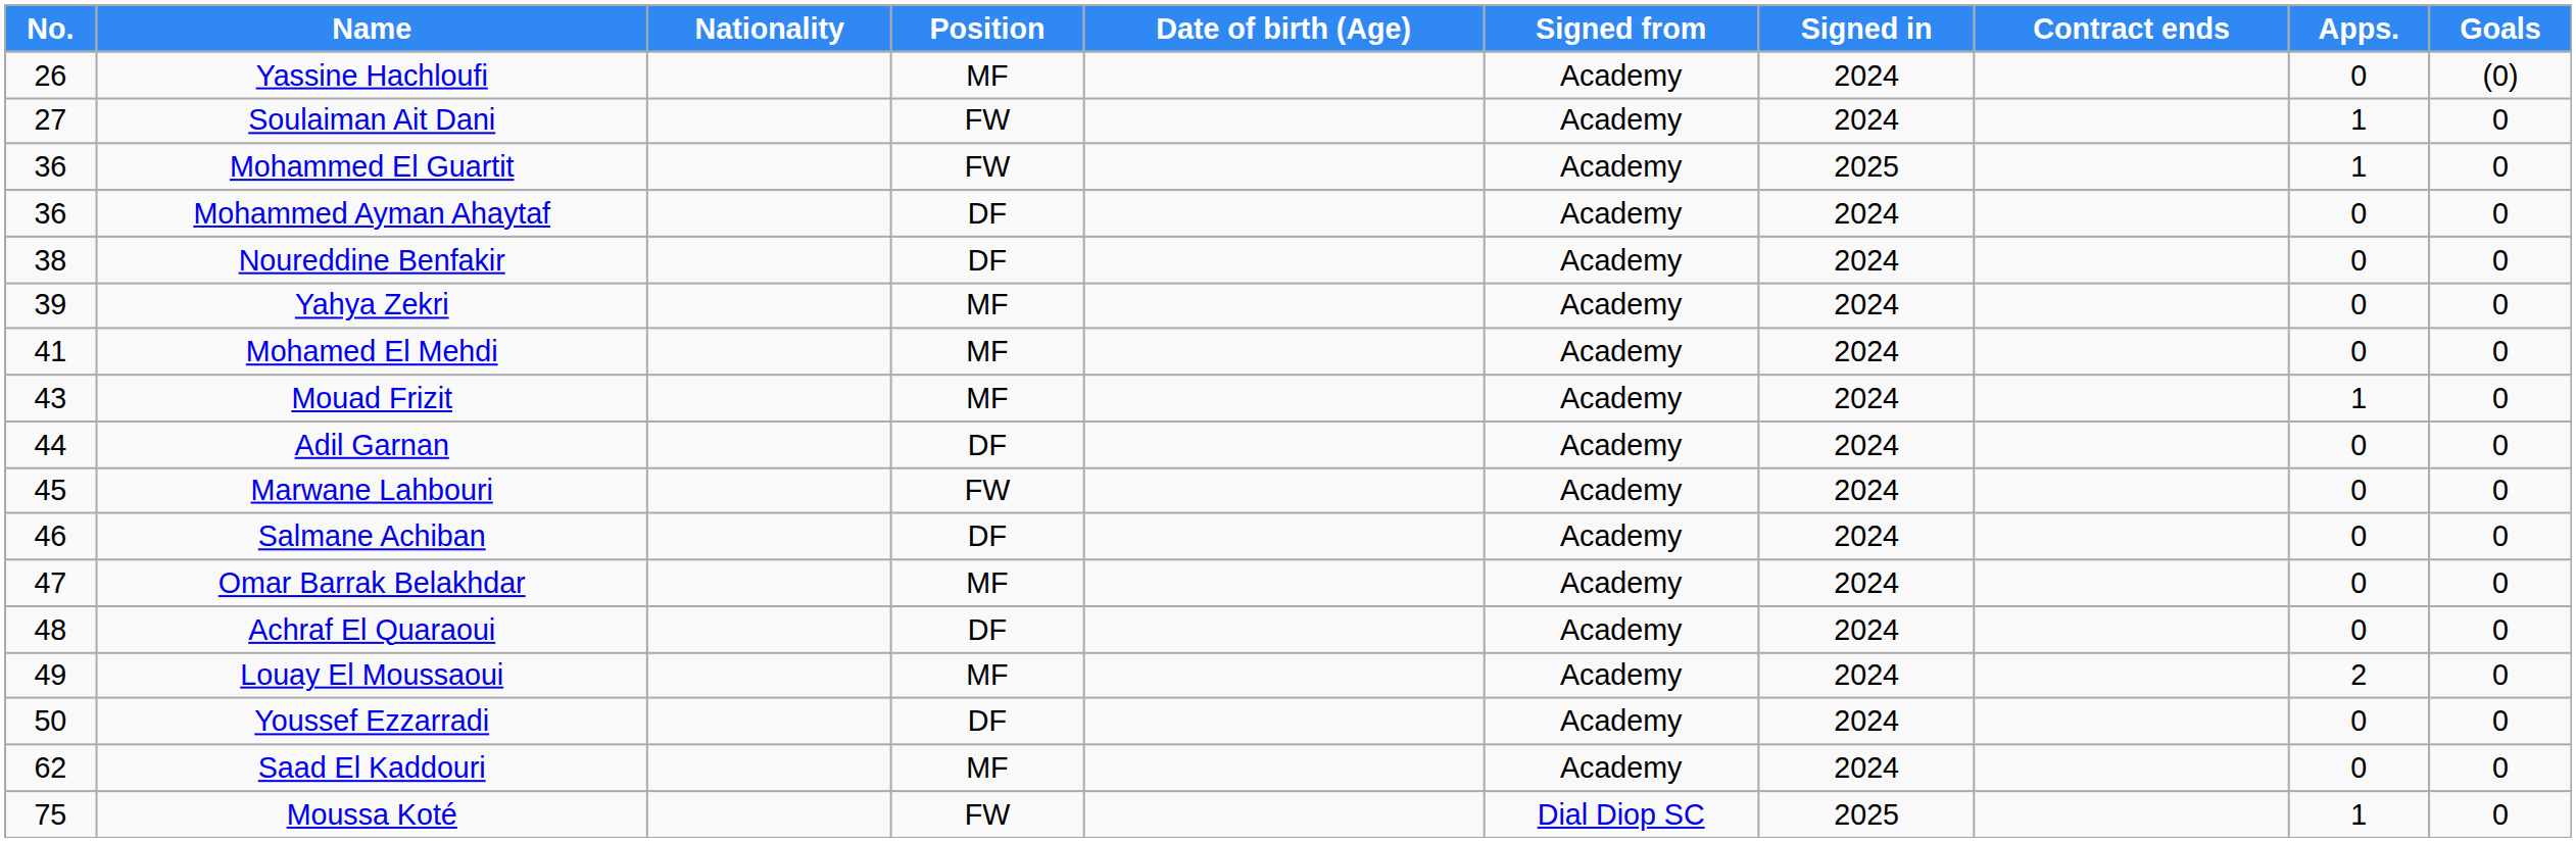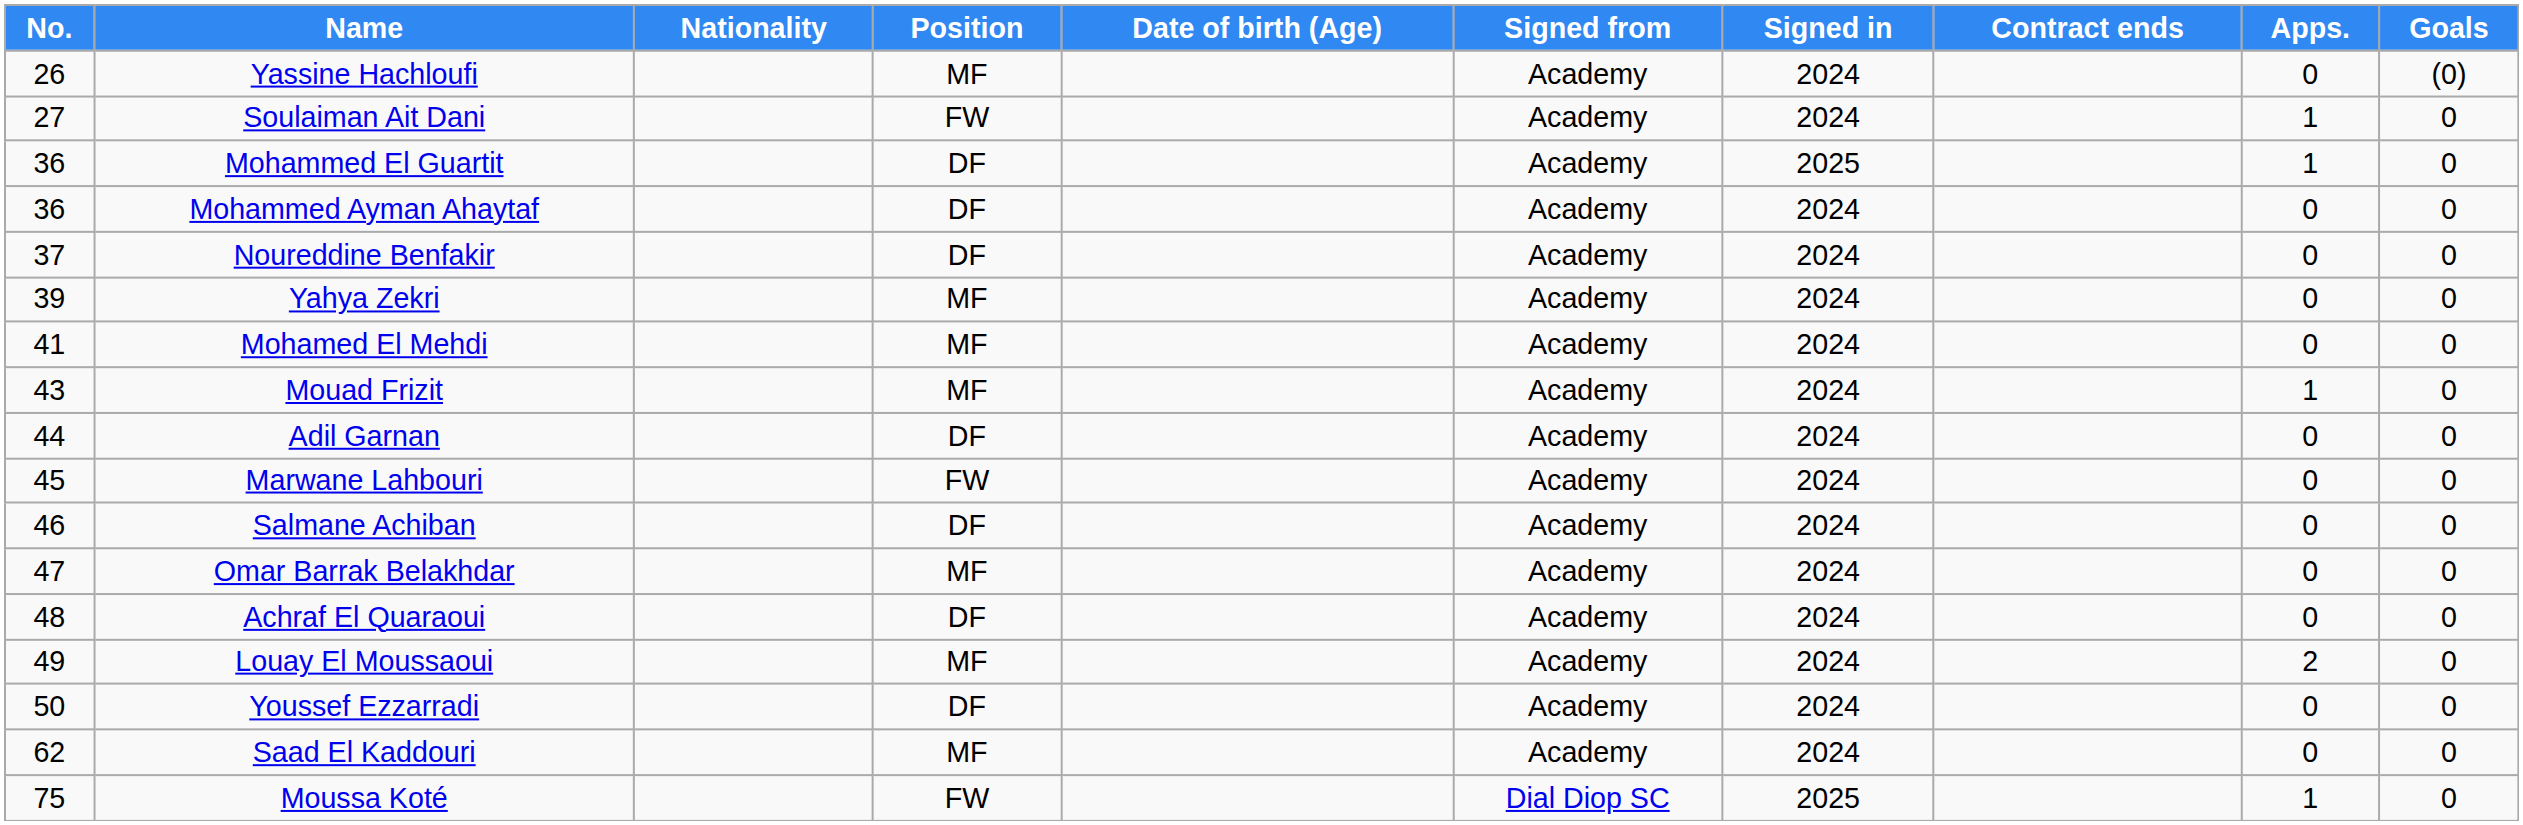 <table class="wikitable sortable"  style="text-align:center; font-size:90%; width:100%;">
 <tr>
 <th style="background:#3088f2; color:#ffffff; ">No.</th>
 <th style="background:#3088f2; color:#ffffff; ">Name</th>
 <th style="background:#3088f2; color:#ffffff; ">Nationality</th>
 <th style="background:#3088f2; color:#ffffff; ">Position</th>
 <th style="background:#3088f2; color:#ffffff; ">Date of birth (Age)</th>
 <th style="background:#3088f2; color:#ffffff; ">Signed from</th>
 <th style="background:#3088f2; color:#ffffff; ">Signed in</th>
 <th style="background:#3088f2; color:#ffffff; ">Contract ends</th>
 <th style="background:#3088f2; color:#ffffff; ">Apps.</th>
 <th style="background:#3088f2; color:#ffffff; ">Goals</th>
 </tr>
 <tr>
 <td>26</td>
 <td><a href='#'>Yassine Hachloufi</a></td>
 <td></td>
 <td>MF</td>
 <td></td>
 <td>Academy</td>
 <td>2024</td>
 <td></td>
 <td>0</td>
 <td>(0)</td>
 </tr>
 <tr>
 <td>27</td>
 <td><a href='#'>Soulaiman Ait Dani</a></td>
 <td></td>
 <td>FW</td>
 <td></td>
 <td>Academy</td>
 <td>2024</td>
 <td></td>
 <td>1</td>
 <td>0</td>
 </tr>
 <tr>
 <td>36</td>
 <td><a href='#'>Mohammed El Guartit</a></td>
 <td></td>
-<td>FW</td>
+<td>DF</td>
 <td></td>
 <td>Academy</td>
 <td>2025</td>
 <td></td>
 <td>1</td>
 <td>0</td>
 </tr>
 <tr>
 <td>36</td>
 <td><a href='#'>Mohammed Ayman Ahaytaf</a></td>
 <td></td>
 <td>DF</td>
 <td></td>
 <td>Academy</td>
 <td>2024</td>
 <td></td>
 <td>0</td>
 <td>0</td>
 </tr>
 <tr>
-<td>38</td>
+<td>37</td>
 <td><a href='#'>Noureddine Benfakir</a></td>
 <td></td>
 <td>DF</td>
 <td></td>
 <td>Academy</td>
 <td>2024</td>
 <td></td>
 <td>0</td>
 <td>0</td>
 </tr>
 <tr>
 <td>39</td>
 <td><a href='#'>Yahya Zekri</a></td>
 <td></td>
 <td>MF</td>
 <td></td>
 <td>Academy</td>
 <td>2024</td>
 <td></td>
 <td>0</td>
 <td>0</td>
 </tr>
 <tr>
 <td>41</td>
 <td><a href='#'>Mohamed El Mehdi</a></td>
 <td></td>
 <td>MF</td>
 <td></td>
 <td>Academy</td>
 <td>2024</td>
 <td></td>
 <td>0</td>
 <td>0</td>
 </tr>
 <tr>
 <td>43</td>
 <td><a href='#'>Mouad Frizit</a></td>
 <td></td>
 <td>MF</td>
 <td></td>
 <td>Academy</td>
 <td>2024</td>
 <td></td>
 <td>1</td>
 <td>0</td>
 </tr>
 <tr>
 <td>44</td>
 <td><a href='#'>Adil Garnan</a></td>
 <td></td>
 <td>DF</td>
 <td></td>
 <td>Academy</td>
 <td>2024</td>
 <td></td>
 <td>0</td>
 <td>0</td>
 </tr>
 <tr>
 <td>45</td>
 <td><a href='#'>Marwane Lahbouri</a></td>
 <td></td>
 <td>FW</td>
 <td></td>
 <td>Academy</td>
 <td>2024</td>
 <td></td>
 <td>0</td>
 <td>0</td>
 </tr>
 <tr>
 <td>46</td>
 <td><a href='#'>Salmane Achiban</a></td>
 <td></td>
 <td>DF</td>
 <td></td>
 <td>Academy</td>
 <td>2024</td>
 <td></td>
 <td>0</td>
 <td>0</td>
 </tr>
 <tr>
 <td>47</td>
 <td><a href='#'>Omar Barrak Belakhdar</a></td>
 <td></td>
 <td>MF</td>
 <td></td>
 <td>Academy</td>
 <td>2024</td>
 <td></td>
 <td>0</td>
 <td>0</td>
 </tr>
 <tr>
 <td>48</td>
 <td><a href='#'>Achraf El Quaraoui</a></td>
 <td></td>
 <td>DF</td>
 <td></td>
 <td>Academy</td>
 <td>2024</td>
 <td></td>
 <td>0</td>
 <td>0</td>
 </tr>
 <tr>
 <td>49</td>
 <td><a href='#'>Louay El Moussaoui</a></td>
 <td></td>
 <td>MF</td>
 <td></td>
 <td>Academy</td>
 <td>2024</td>
 <td></td>
 <td>2</td>
 <td>0</td>
 </tr>
 <tr>
 <td>50</td>
 <td><a href='#'>Youssef Ezzarradi</a></td>
 <td></td>
 <td>DF</td>
 <td></td>
 <td>Academy</td>
 <td>2024</td>
 <td></td>
 <td>0</td>
 <td>0</td>
 </tr>
 <tr>
 <td>62</td>
 <td><a href='#'>Saad El Kaddouri</a></td>
 <td></td>
 <td>MF</td>
 <td></td>
 <td>Academy</td>
 <td>2024</td>
 <td></td>
 <td>0</td>
 <td>0</td>
 </tr>
 <tr>
 <td>75</td>
 <td><a href='#'>Moussa Koté</a></td>
 <td></td>
 <td>FW</td>
 <td></td>
 <td><a href='#'>Dial Diop SC</a></td>
 <td>2025</td>
 <td></td>
 <td>1</td>
 <td>0</td>
 </tr>
 </table>
